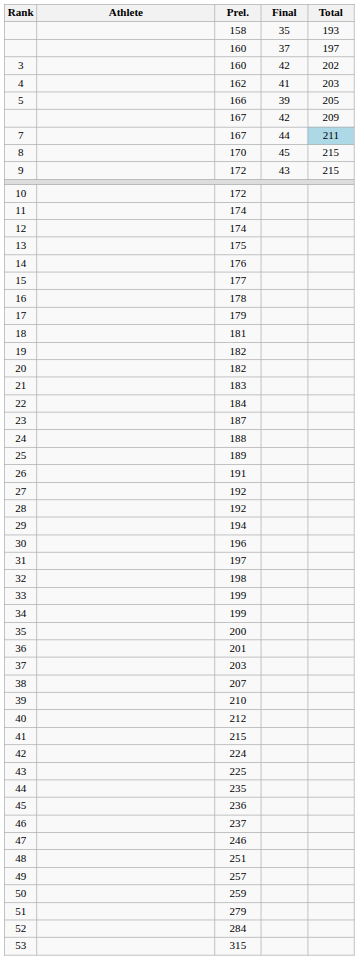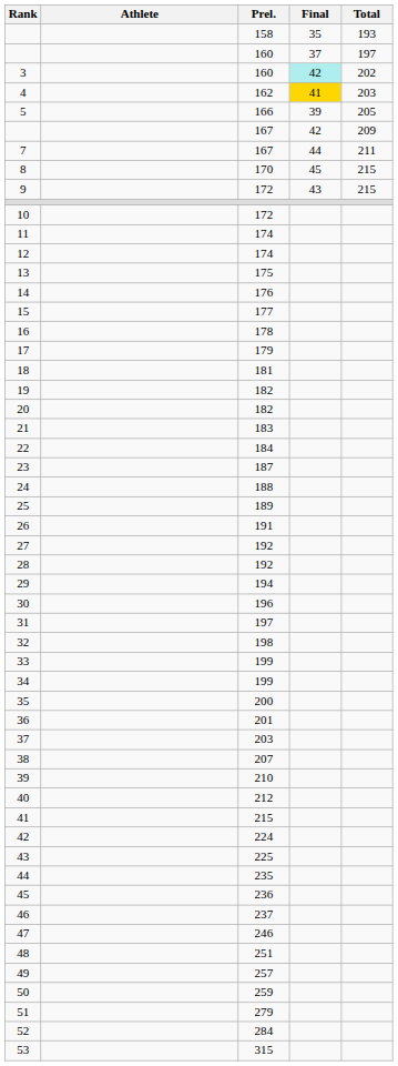 <table class=wikitable style="text-align:center">
 <tr>
 <th width=40>Rank</th>
 <th width=250>Athlete</th>
 <th width=60>Prel.</th>
 <th width=60>Final</th>
 <th width=60>Total</th>
 </tr>
 <tr>
 <td></td>
 <td align=left></td>
 <td>158</td>
 <td>35</td>
 <td>193</td>
 </tr>
 <tr>
 <td></td>
 <td align=left></td>
 <td>160</td>
 <td>37</td>
 <td>197</td>
 </tr>
 <tr>
 <td>3</td>
 <td align=left></td>
 <td>160</td>
-<td>42</td>
+<td style="background: paleturquoise;">42</td>
 <td>202</td>
 </tr>
 <tr>
 <td>4</td>
 <td align=left></td>
 <td>162</td>
-<td>41</td>
+<td style="background: gold;">41</td>
 <td>203</td>
 </tr>
 <tr>
 <td>5</td>
 <td align=left></td>
 <td>166</td>
 <td>39</td>
 <td>205</td>
 </tr>
 <tr>
 <td></td>
 <td align=left></td>
 <td>167</td>
 <td>42</td>
 <td>209</td>
 </tr>
 <tr>
 <td>7</td>
 <td align=left></td>
 <td>167</td>
 <td>44</td>
-<td style="background: lightblue;">211</td>
+<td>211</td>
 </tr>
 <tr>
 <td>8</td>
 <td align=left></td>
 <td>170</td>
 <td>45</td>
 <td>215</td>
 </tr>
 <tr>
 <td>9</td>
 <td align=left></td>
 <td>172</td>
 <td>43</td>
 <td>215</td>
 </tr>
 <tr bgcolor=#DDDDDD>
 <td colspan=5></td>
 </tr>
 <tr>
 <td>10</td>
 <td align=left></td>
 <td>172</td>
 <td></td>
 <td></td>
 </tr>
 <tr>
 <td>11</td>
 <td align=left></td>
 <td>174</td>
 <td></td>
 <td></td>
 </tr>
 <tr>
 <td>12</td>
 <td align=left></td>
 <td>174</td>
 <td></td>
 <td></td>
 </tr>
 <tr>
 <td>13</td>
 <td align=left></td>
 <td>175</td>
 <td></td>
 <td></td>
 </tr>
 <tr>
 <td>14</td>
 <td align=left></td>
 <td>176</td>
 <td></td>
 <td></td>
 </tr>
 <tr>
 <td>15</td>
 <td align=left></td>
 <td>177</td>
 <td></td>
 <td></td>
 </tr>
 <tr>
 <td>16</td>
 <td align=left></td>
 <td>178</td>
 <td></td>
 <td></td>
 </tr>
 <tr>
 <td>17</td>
 <td align=left></td>
 <td>179</td>
 <td></td>
 <td></td>
 </tr>
 <tr>
 <td>18</td>
 <td align=left></td>
 <td>181</td>
 <td></td>
 <td></td>
 </tr>
 <tr>
 <td>19</td>
 <td align=left></td>
 <td>182</td>
 <td></td>
 <td></td>
 </tr>
 <tr>
 <td>20</td>
 <td align=left></td>
 <td>182</td>
 <td></td>
 <td></td>
 </tr>
 <tr>
 <td>21</td>
 <td align=left></td>
 <td>183</td>
 <td></td>
 <td></td>
 </tr>
 <tr>
 <td>22</td>
 <td align=left></td>
 <td>184</td>
 <td></td>
 <td></td>
 </tr>
 <tr>
 <td>23</td>
 <td align=left></td>
 <td>187</td>
 <td></td>
 <td></td>
 </tr>
 <tr>
 <td>24</td>
 <td align=left></td>
 <td>188</td>
 <td></td>
 <td></td>
 </tr>
 <tr>
 <td>25</td>
 <td align=left></td>
 <td>189</td>
 <td></td>
 <td></td>
 </tr>
 <tr>
 <td>26</td>
 <td align=left></td>
 <td>191</td>
 <td></td>
 <td></td>
 </tr>
 <tr>
 <td>27</td>
 <td align=left></td>
 <td>192</td>
 <td></td>
 <td></td>
 </tr>
 <tr>
 <td>28</td>
 <td align=left></td>
 <td>192</td>
 <td></td>
 <td></td>
 </tr>
 <tr>
 <td>29</td>
 <td align=left></td>
 <td>194</td>
 <td></td>
 <td></td>
 </tr>
 <tr>
 <td>30</td>
 <td align=left></td>
 <td>196</td>
 <td></td>
 <td></td>
 </tr>
 <tr>
 <td>31</td>
 <td align=left></td>
 <td>197</td>
 <td></td>
 <td></td>
 </tr>
 <tr>
 <td>32</td>
 <td align=left></td>
 <td>198</td>
 <td></td>
 <td></td>
 </tr>
 <tr>
 <td>33</td>
 <td align=left></td>
 <td>199</td>
 <td></td>
 <td></td>
 </tr>
 <tr>
 <td>34</td>
 <td align=left></td>
 <td>199</td>
 <td></td>
 <td></td>
 </tr>
 <tr>
 <td>35</td>
 <td align=left></td>
 <td>200</td>
 <td></td>
 <td></td>
 </tr>
 <tr>
 <td>36</td>
 <td align=left></td>
 <td>201</td>
 <td></td>
 <td></td>
 </tr>
 <tr>
 <td>37</td>
 <td align=left></td>
 <td>203</td>
 <td></td>
 <td></td>
 </tr>
 <tr>
 <td>38</td>
 <td align=left></td>
 <td>207</td>
 <td></td>
 <td></td>
 </tr>
 <tr>
 <td>39</td>
 <td align=left></td>
 <td>210</td>
 <td></td>
 <td></td>
 </tr>
 <tr>
 <td>40</td>
 <td align=left></td>
 <td>212</td>
 <td></td>
 <td></td>
 </tr>
 <tr>
 <td>41</td>
 <td align=left></td>
 <td>215</td>
 <td></td>
 <td></td>
 </tr>
 <tr>
 <td>42</td>
 <td align=left></td>
 <td>224</td>
 <td></td>
 <td></td>
 </tr>
 <tr>
 <td>43</td>
 <td align=left></td>
 <td>225</td>
 <td></td>
 <td></td>
 </tr>
 <tr>
 <td>44</td>
 <td align=left></td>
 <td>235</td>
 <td></td>
 <td></td>
 </tr>
 <tr>
 <td>45</td>
 <td align=left></td>
 <td>236</td>
 <td></td>
 <td></td>
 </tr>
 <tr>
 <td>46</td>
 <td align=left></td>
 <td>237</td>
 <td></td>
 <td></td>
 </tr>
 <tr>
 <td>47</td>
 <td align=left></td>
 <td>246</td>
 <td></td>
 <td></td>
 </tr>
 <tr>
 <td>48</td>
 <td align=left></td>
 <td>251</td>
 <td></td>
 <td></td>
 </tr>
 <tr>
 <td>49</td>
 <td align=left></td>
 <td>257</td>
 <td></td>
 <td></td>
 </tr>
 <tr>
 <td>50</td>
 <td align=left></td>
 <td>259</td>
 <td></td>
 <td></td>
 </tr>
 <tr>
 <td>51</td>
 <td align=left></td>
 <td>279</td>
 <td></td>
 <td></td>
 </tr>
 <tr>
 <td>52</td>
 <td align=left></td>
 <td>284</td>
 <td></td>
 <td></td>
 </tr>
 <tr>
 <td>53</td>
 <td align=left></td>
 <td>315</td>
 <td></td>
 <td></td>
 </tr>
 </table>
